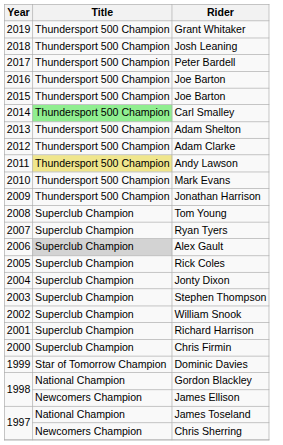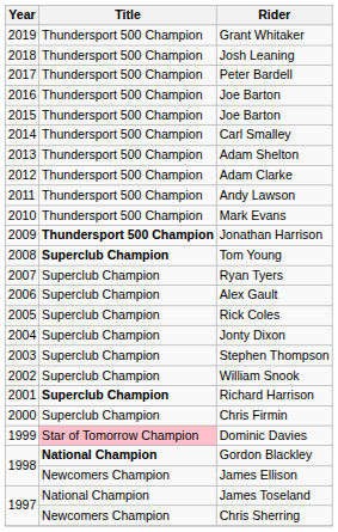 <table class="wikitable">
 <tr>
 <th>Year</th>
 <th>Title</th>
 <th>Rider</th>
 </tr>
 <tr>
 <td>2019</td>
 <td>Thundersport 500 Champion</td>
 <td>Grant Whitaker</td>
 </tr>
 <tr>
 <td>2018</td>
 <td>Thundersport 500 Champion</td>
 <td>Josh Leaning</td>
 </tr>
 <tr>
 <td>2017</td>
 <td>Thundersport 500 Champion</td>
 <td>Peter Bardell</td>
 </tr>
 <tr>
 <td>2016</td>
 <td>Thundersport 500 Champion</td>
 <td>Joe Barton</td>
 </tr>
 <tr>
 <td>2015</td>
 <td>Thundersport 500 Champion</td>
 <td>Joe Barton</td>
 </tr>
 <tr>
 <td>2014</td>
-<td style="background: lightgreen;">Thundersport 500 Champion</td>
+<td>Thundersport 500 Champion</td>
 <td>Carl Smalley</td>
 </tr>
 <tr>
 <td>2013</td>
 <td>Thundersport 500 Champion</td>
 <td>Adam Shelton</td>
 </tr>
 <tr>
 <td>2012</td>
 <td>Thundersport 500 Champion</td>
 <td>Adam Clarke</td>
 </tr>
 <tr>
 <td>2011</td>
-<td style="background: khaki;">Thundersport 500 Champion</td>
+<td>Thundersport 500 Champion</td>
 <td>Andy Lawson</td>
 </tr>
 <tr>
 <td>2010</td>
 <td>Thundersport 500 Champion</td>
 <td>Mark Evans</td>
 </tr>
 <tr>
 <td>2009</td>
-<td>Thundersport 500 Champion</td>
+<td><strong>Thundersport 500 Champion</strong></td>
 <td>Jonathan Harrison</td>
 </tr>
 <tr>
 <td>2008</td>
-<td>Superclub Champion</td>
+<td><strong>Superclub Champion</strong></td>
 <td>Tom Young</td>
 </tr>
 <tr>
 <td>2007</td>
 <td>Superclub Champion</td>
 <td>Ryan Tyers</td>
 </tr>
 <tr>
 <td>2006</td>
-<td style="background: lightgrey;">Superclub Champion</td>
+<td>Superclub Champion</td>
 <td>Alex Gault</td>
 </tr>
 <tr>
 <td>2005</td>
 <td>Superclub Champion</td>
 <td>Rick Coles</td>
 </tr>
 <tr>
 <td>2004</td>
 <td>Superclub Champion</td>
 <td>Jonty Dixon</td>
 </tr>
 <tr>
 <td>2003</td>
 <td>Superclub Champion</td>
 <td>Stephen Thompson</td>
 </tr>
 <tr>
 <td>2002</td>
 <td>Superclub Champion</td>
 <td>William Snook</td>
 </tr>
 <tr>
 <td>2001</td>
-<td>Superclub Champion</td>
+<td><strong>Superclub Champion</strong></td>
 <td>Richard Harrison</td>
 </tr>
 <tr>
 <td>2000</td>
 <td>Superclub Champion</td>
 <td>Chris Firmin</td>
 </tr>
 <tr>
 <td>1999</td>
-<td>Star of Tomorrow Champion</td>
+<td style="background: pink;">Star of Tomorrow Champion</td>
 <td>Dominic Davies</td>
 </tr>
 <tr>
 <td rowspan=2>1998</td>
-<td>National Champion</td>
+<td><strong>National Champion</strong></td>
 <td>Gordon Blackley</td>
 </tr>
 <tr>
 <td>Newcomers Champion</td>
 <td>James Ellison</td>
 </tr>
 <tr>
 <td rowspan=2>1997</td>
 <td>National Champion</td>
 <td>James Toseland</td>
 </tr>
 <tr>
 <td>Newcomers Champion</td>
 <td>Chris Sherring</td>
 </tr>
 <tr>
 </tr>
 </table>
